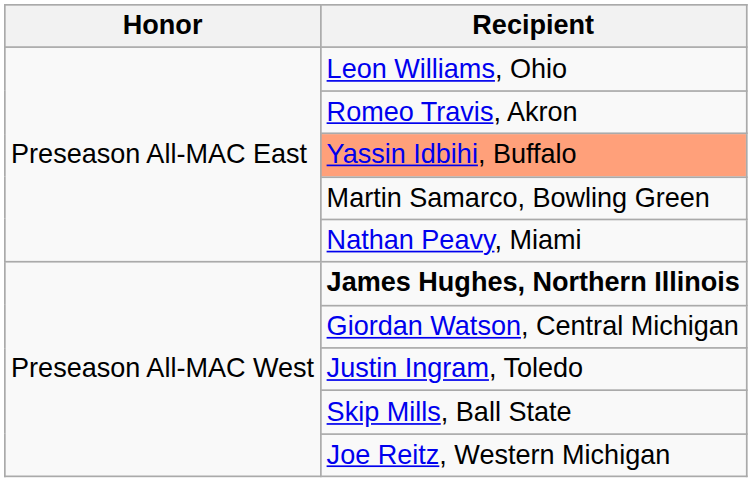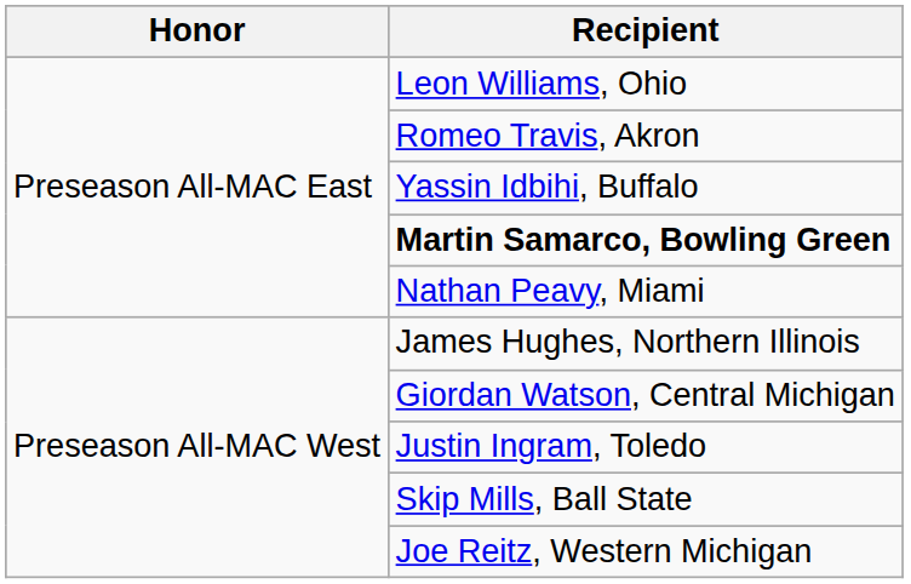 <table class="wikitable" border="1">
 <tr>
 <th>Honor</th>
 <th>Recipient</th>
 </tr>
 <tr>
 <td rowspan=5 valign=middle>Preseason All-MAC East</td>
 <td><a href='#'>Leon Williams</a>, Ohio</td>
 </tr>
 <tr>
 <td><a href='#'>Romeo Travis</a>, Akron</td>
 </tr>
 <tr>
-<td style="background: lightsalmon;"><a href='#'>Yassin Idbihi</a>, Buffalo</td>
+<td><a href='#'>Yassin Idbihi</a>, Buffalo</td>
 </tr>
 <tr>
-<td>Martin Samarco, Bowling Green</td>
+<td><strong>Martin Samarco, Bowling Green</strong></td>
 </tr>
 <tr>
 <td><a href='#'>Nathan Peavy</a>, Miami</td>
 </tr>
 <tr>
 <td rowspan=6 valign=middle>Preseason All-MAC West</td>
-<td><strong>James Hughes, Northern Illinois</strong></td>
+<td>James Hughes, Northern Illinois</td>
 </tr>
 <tr>
 <td><a href='#'>Giordan Watson</a>, Central Michigan</td>
 </tr>
 <tr>
 <td><a href='#'>Justin Ingram</a>, Toledo</td>
 </tr>
 <tr>
 <td><a href='#'>Skip Mills</a>, Ball State</td>
 </tr>
 <tr>
 <td><a href='#'>Joe Reitz</a>, Western Michigan</td>
 </tr>
 </table>
